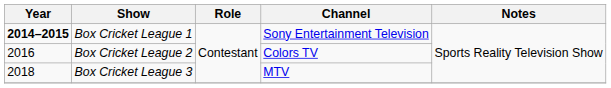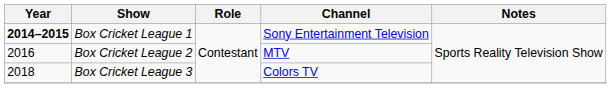 <table class="wikitable sortable">
 <tr>
 <th>Year</th>
 <th>Show</th>
 <th>Role</th>
 <th>Channel</th>
 <th>Notes</th>
 </tr>
 <tr>
 <td><strong>2014–2015</strong></td>
 <td><em>Box Cricket League 1</em></td>
 <td rowspan = "3">Contestant</td>
 <td><a href='#'>Sony Entertainment Television</a></td>
 <td rowspan = "3">Sports Reality Television Show</td>
 </tr>
 <tr>
 <td>2016</td>
 <td><em>Box Cricket League 2</em></td>
-<td><a href='#'>Colors TV</a></td>
+<td><a href='#'> MTV</a></td>
 </tr>
 <tr>
 <td>2018</td>
 <td><em>Box Cricket League 3</em></td>
-<td><a href='#'> MTV</a></td>
+<td><a href='#'>Colors TV</a></td>
 </tr>
 <tr>
 </tr>
 </table>
